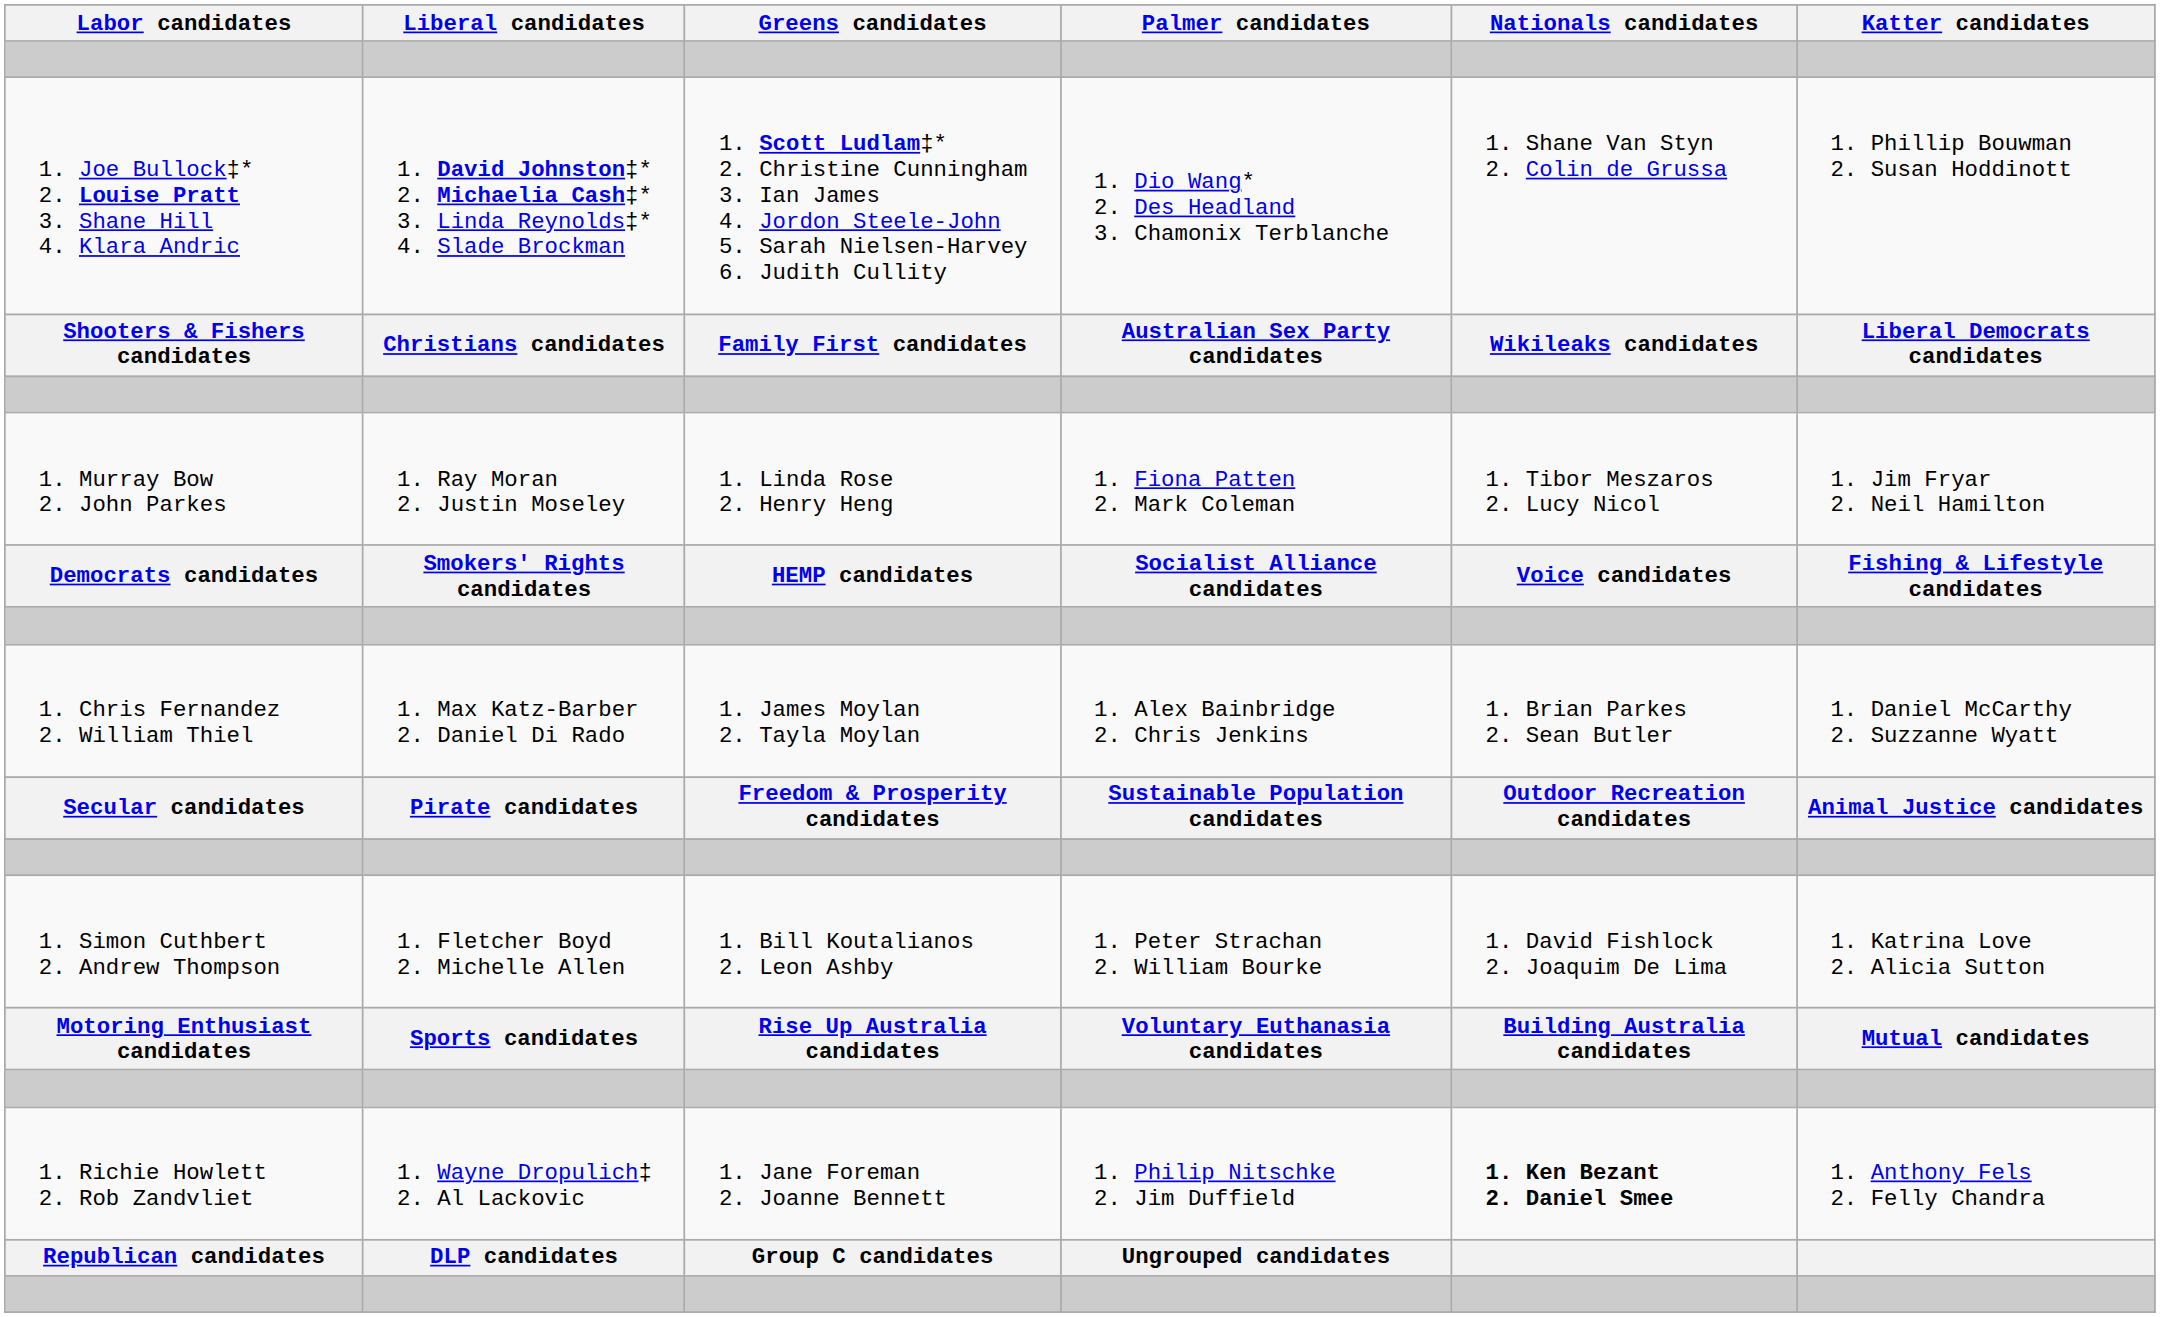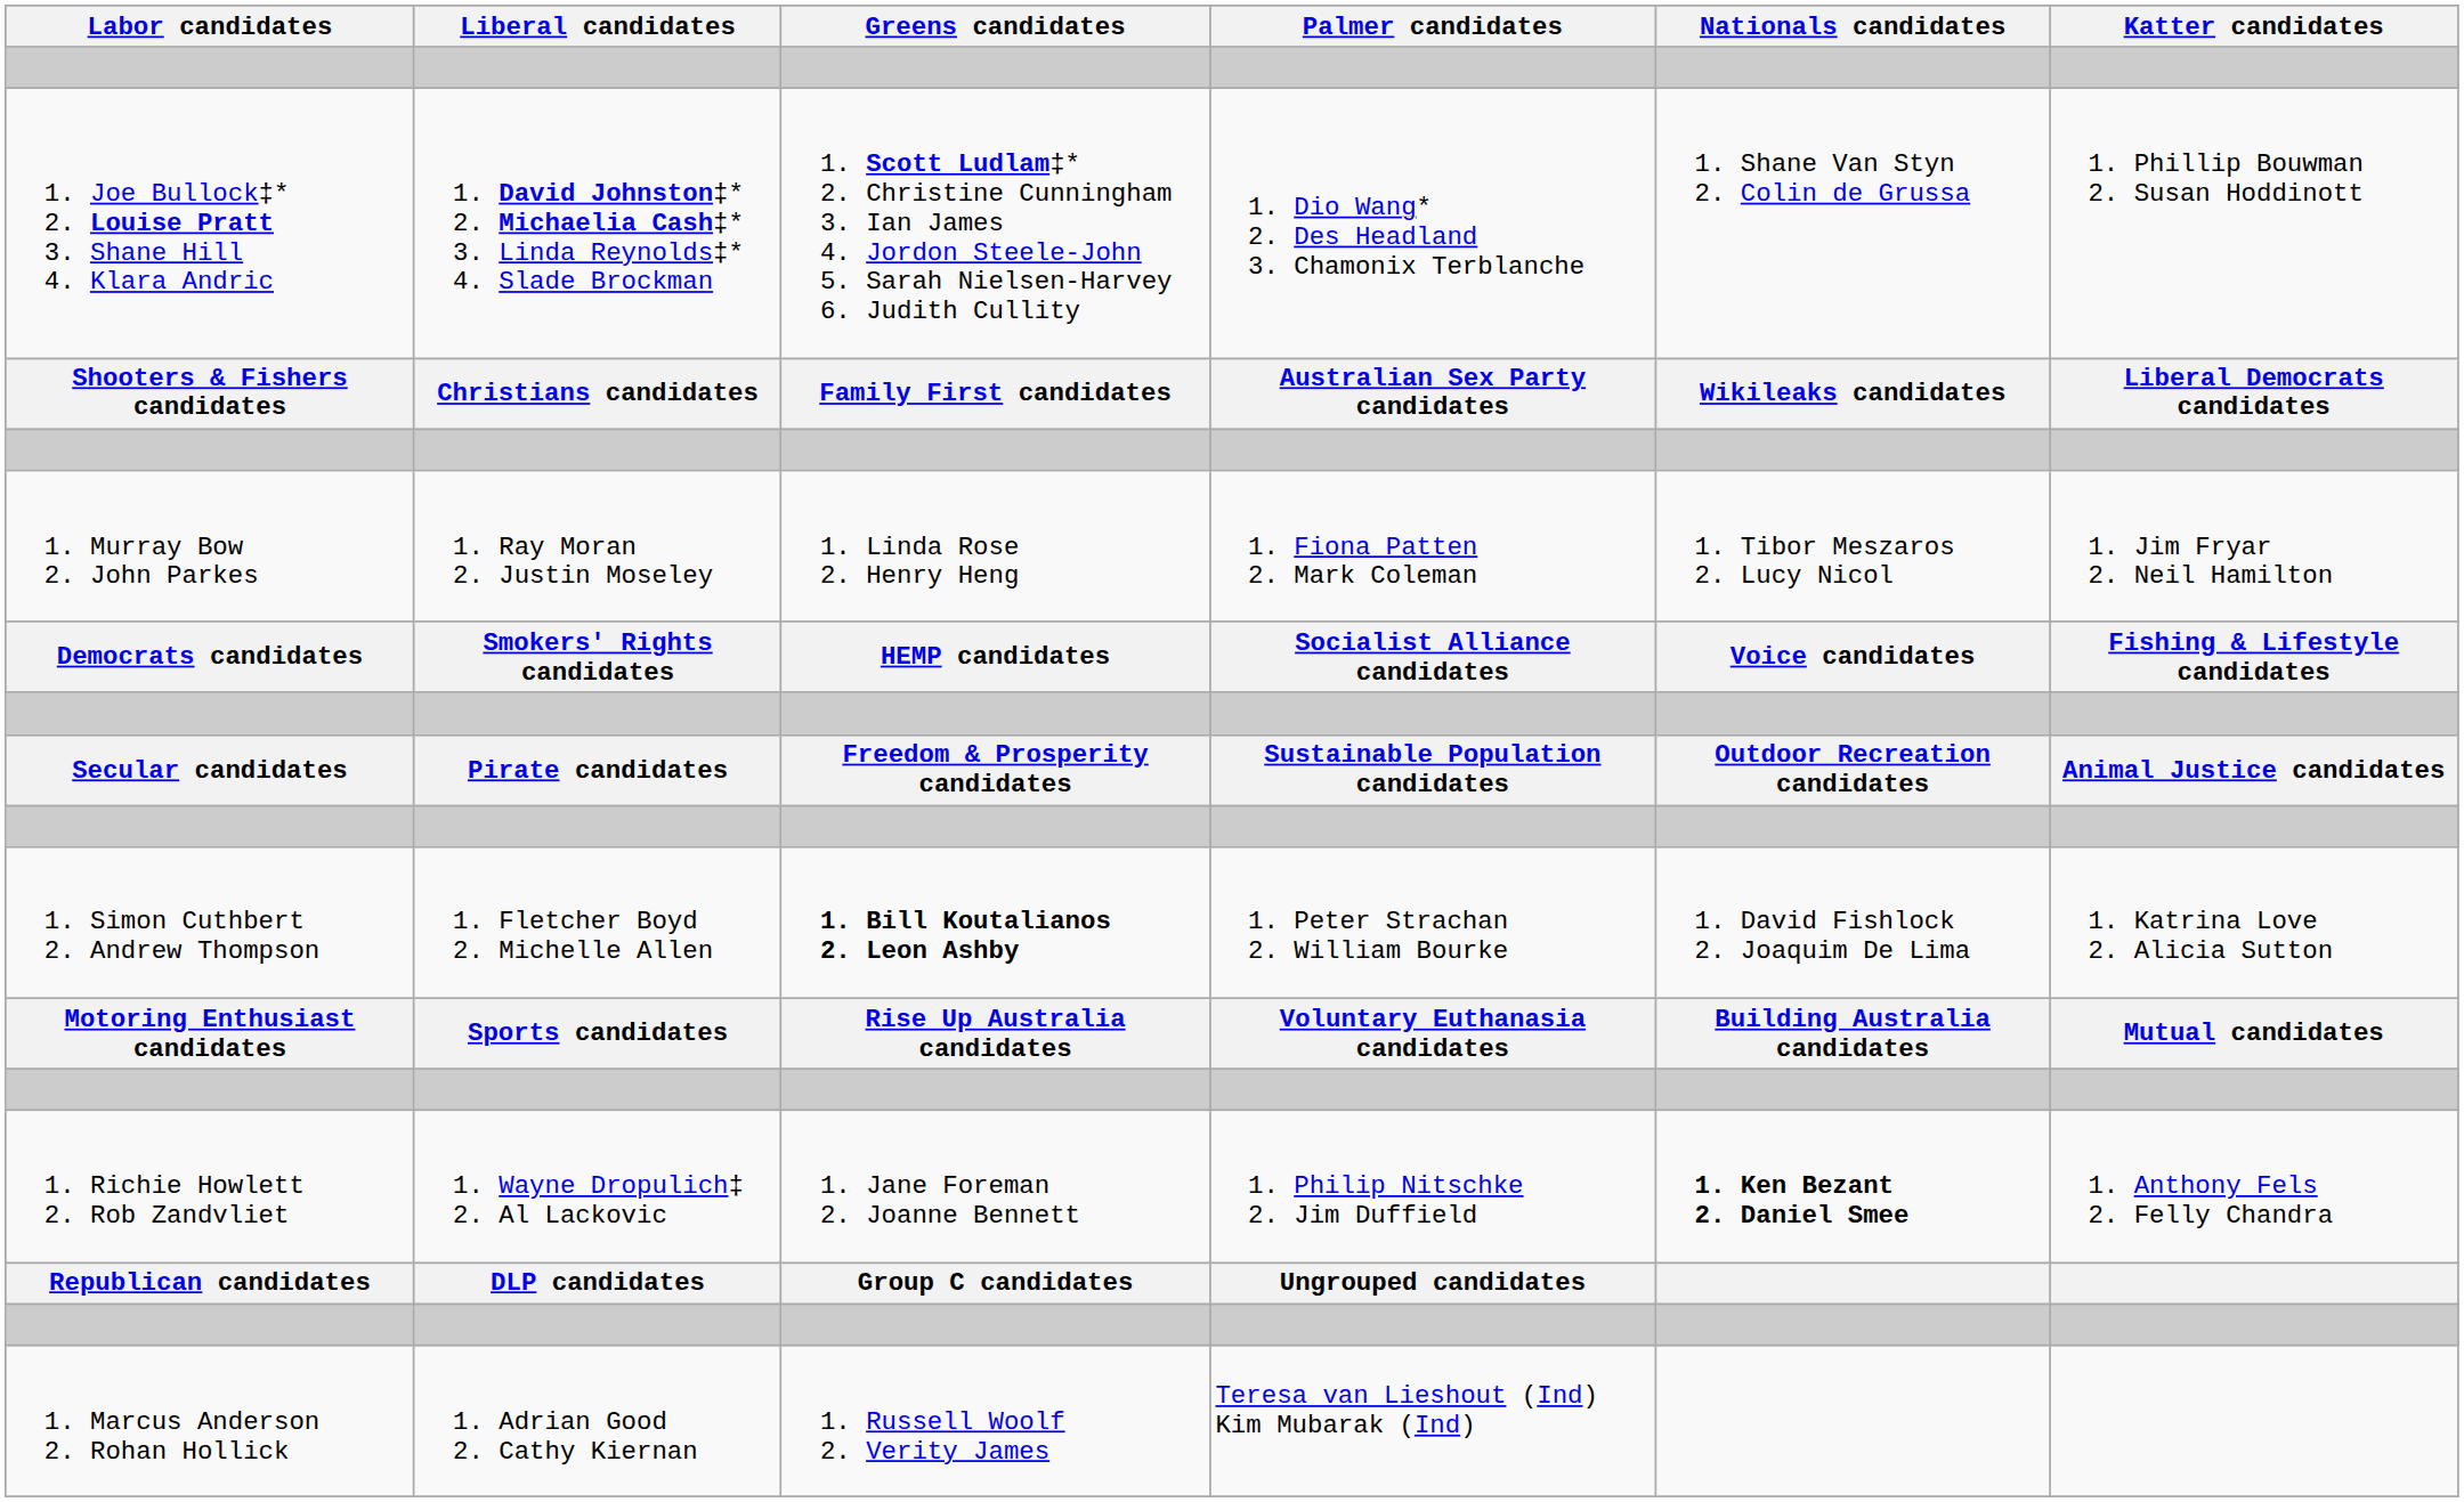 <table class="wikitable">
 <tr style="background:#ccc;">
 <th><a href='#'>Labor</a> candidates</th>
 <th><a href='#'>Liberal</a> candidates</th>
 <th><a href='#'>Greens</a> candidates</th>
 <th><a href='#'>Palmer</a> candidates</th>
 <th><a href='#'>Nationals</a> candidates</th>
 <th><a href='#'>Katter</a> candidates</th>
 </tr>
 <tr style="background:#ccc;">
 <td></td>
 <td></td>
 <td></td>
 <td></td>
 <td></td>
 <td> </td>
 </tr>
 <tr>
 <td><br><ol><li><a href='#'>Joe Bullock</a>‡*</li><li><strong><a href='#'>Louise Pratt</a></strong></li><li><a href='#'>Shane Hill</a></li><li><a href='#'>Klara Andric</a></li></ol></td>
 <td><br><ol><li><strong><a href='#'>David Johnston</a></strong>‡*</li><li><strong><a href='#'>Michaelia Cash</a></strong>‡*</li><li><a href='#'>Linda Reynolds</a>‡*</li><li><a href='#'>Slade Brockman</a></li></ol></td>
 <td><br><ol><li><strong><a href='#'>Scott Ludlam</a></strong>‡*</li><li>Christine Cunningham</li><li>Ian James</li><li><a href='#'>Jordon Steele-John</a></li><li>Sarah Nielsen-Harvey</li><li>Judith Cullity</li></ol></td>
 <td><br><ol><li><a href='#'>Dio Wang</a>*</li><li><a href='#'>Des Headland</a></li><li>Chamonix Terblanche</li></ol></td>
 <td valign=top><br><ol><li>Shane Van Styn</li><li><a href='#'>Colin de Grussa</a></li></ol></td>
 <td valign=top><br><ol><li>Phillip Bouwman</li><li>Susan Hoddinott</li></ol></td>
 </tr>
 <tr style="background:#ccc;">
 <th><a href='#'>Shooters & Fishers</a> candidates</th>
 <th><a href='#'>Christians</a> candidates</th>
 <th><a href='#'>Family First</a> candidates</th>
 <th><a href='#'>Australian Sex Party</a> candidates</th>
 <th><a href='#'>Wikileaks</a> candidates</th>
 <th><a href='#'>Liberal Democrats</a> candidates</th>
 </tr>
 <tr style="background:#ccc;">
 <td></td>
 <td></td>
 <td></td>
 <td></td>
 <td></td>
 <td> </td>
 </tr>
 <tr>
 <td valign=top><br><ol><li>Murray Bow</li><li>John Parkes</li></ol></td>
 <td valign=top><br><ol><li>Ray Moran</li><li>Justin Moseley</li></ol></td>
 <td valign=top><br><ol><li>Linda Rose</li><li>Henry Heng</li></ol></td>
 <td valign=top><br><ol><li><a href='#'>Fiona Patten</a></li><li>Mark Coleman</li></ol></td>
 <td valign=top><br><ol><li>Tibor Meszaros</li><li>Lucy Nicol</li></ol></td>
 <td valign=top><br><ol><li>Jim Fryar</li><li>Neil Hamilton</li></ol></td>
 </tr>
 <tr style="background:#ccc;">
 <th><a href='#'>Democrats</a> candidates</th>
 <th><a href='#'>Smokers' Rights</a> candidates</th>
 <th><a href='#'>HEMP</a> candidates</th>
 <th><a href='#'>Socialist Alliance</a> candidates</th>
 <th><a href='#'>Voice</a> candidates</th>
 <th><a href='#'>Fishing & Lifestyle</a> candidates</th>
 </tr>
 <tr style="background:#ccc;">
 <td></td>
 <td></td>
 <td></td>
 <td></td>
 <td></td>
 <td> </td>
 </tr>
-<tr>
-<td valign=top><br><ol><li>Chris Fernandez</li><li>William Thiel</li></ol></td>
-<td valign=top><br><ol><li>Max Katz-Barber</li><li>Daniel Di Rado</li></ol></td>
-<td valign=top><br><ol><li>James Moylan</li><li>Tayla Moylan</li></ol></td>
-<td valign=top><br><ol><li>Alex Bainbridge</li><li>Chris Jenkins</li></ol></td>
-<td valign=top><br><ol><li>Brian Parkes</li><li>Sean Butler</li></ol></td>
-<td valign=top><br><ol><li>Daniel McCarthy</li><li>Suzzanne Wyatt</li></ol></td>
-</tr>
 <tr style="background:#ccc;">
 <th><a href='#'>Secular</a> candidates</th>
 <th><a href='#'>Pirate</a> candidates</th>
 <th><a href='#'>Freedom & Prosperity</a> candidates</th>
 <th><a href='#'>Sustainable Population</a> candidates</th>
 <th><a href='#'>Outdoor Recreation</a> candidates</th>
 <th><a href='#'>Animal Justice</a> candidates</th>
 </tr>
 <tr style="background:#ccc;">
 <td></td>
 <td></td>
 <td></td>
 <td></td>
 <td></td>
 <td> </td>
 </tr>
 <tr>
 <td valign=top><br><ol><li>Simon Cuthbert</li><li>Andrew Thompson</li></ol></td>
 <td valign=top><br><ol><li>Fletcher Boyd</li><li>Michelle Allen</li></ol></td>
-<td valign=top><br><ol><li>Bill Koutalianos</li><li>Leon Ashby</li></ol></td>
+<td valign=top><strong><br><ol><li>Bill Koutalianos</li><li>Leon Ashby</li></ol></strong></td>
 <td valign=top><br><ol><li>Peter Strachan</li><li>William Bourke</li></ol></td>
 <td valign=top><br><ol><li>David Fishlock</li><li>Joaquim De Lima</li></ol></td>
 <td valign=top><br><ol><li>Katrina Love</li><li>Alicia Sutton</li></ol></td>
 </tr>
 <tr style="background:#ccc;">
 <th><a href='#'>Motoring Enthusiast</a> candidates</th>
 <th><a href='#'>Sports</a> candidates</th>
 <th><a href='#'>Rise Up Australia</a> candidates</th>
 <th><a href='#'>Voluntary Euthanasia</a> candidates</th>
 <th><a href='#'>Building Australia</a> candidates</th>
 <th><a href='#'>Mutual</a> candidates</th>
 </tr>
 <tr style="background:#ccc;">
 <td></td>
 <td></td>
 <td></td>
 <td></td>
 <td></td>
 <td> </td>
 </tr>
 <tr>
 <td valign=top><br><ol><li>Richie Howlett</li><li>Rob Zandvliet</li></ol></td>
 <td valign=top><br><ol><li><a href='#'>Wayne Dropulich</a>‡</li><li>Al Lackovic</li></ol></td>
 <td valign=top><br><ol><li>Jane Foreman</li><li>Joanne Bennett</li></ol></td>
 <td valign=top><br><ol><li><a href='#'>Philip Nitschke</a></li><li>Jim Duffield</li></ol></td>
 <td valign=top><strong><br><ol><li>Ken Bezant</li><li>Daniel Smee</li></ol></strong></td>
 <td valign=top><br><ol><li><a href='#'>Anthony Fels</a></li><li>Felly Chandra</li></ol></td>
 </tr>
 <tr style="background:#ccc;">
 <th><a href='#'>Republican</a> candidates</th>
 <th><a href='#'>DLP</a> candidates</th>
 <th>Group C candidates</th>
 <th>Ungrouped candidates</th>
 <th></th>
 <th></th>
 </tr>
 <tr style="background:#ccc;">
 <td></td>
 <td></td>
 <td></td>
 <td></td>
 <td></td>
 <td> </td>
 </tr>
+<tr>
+<td valign=top><br><ol><li>Marcus Anderson</li><li>Rohan Hollick</li></ol></td>
+<td valign=top><br><ol><li>Adrian Good</li><li>Cathy Kiernan</li></ol></td>
+<td valign=top><br><ol><li><a href='#'>Russell Woolf</a></li><li><a href='#'>Verity James</a></li></ol></td>
+<td valign=top><br><a href='#'>Teresa van Lieshout</a> (<a href='#'>Ind</a>)<br> Kim Mubarak (<a href='#'>Ind</a>)</td>
+<td valign=top></td>
+<td valign=top></td>
+</tr>
 </table>
